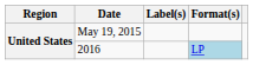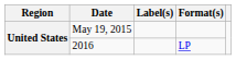 <table class="wikitable plainrowheaders">
 <tr>
 <th scope="col">Region</th>
 <th scope="col">Date</th>
 <th scope="col">Label(s)</th>
 <th scope="col">Format(s)</th>
 <th scope="col"></th>
 </tr>
 <tr>
 <th scope="row" rowspan="2">United States</th>
 <td>May 19, 2015</td>
 <td rowspan="1"></td>
 <td></td>
 <td rowspan="2" style="text-align: center"></td>
 </tr>
 <tr>
 <td>2016</td>
 <td rowspan="1"></td>
-<td style="background: lightblue;"><a href='#'>LP</a></td>
+<td><a href='#'>LP</a></td>
 </tr>
 </table>
